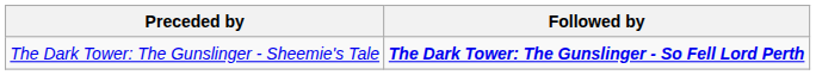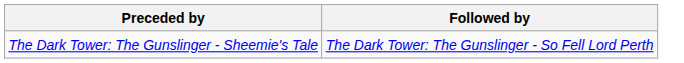 <table class="wikitable">
 <tr>
 <th><small><strong>Preceded by</strong></small></th>
 <th><small><strong>Followed by</strong></small></th>
 </tr>
 <tr>
 <td><small><em><a href='#'>The Dark Tower: The Gunslinger - Sheemie's Tale</a></em></small></td>
-<td><strong><small><em><a href='#'>The Dark Tower: The Gunslinger - So Fell Lord Perth</a></em></small></strong></td>
+<td><small><em><a href='#'>The Dark Tower: The Gunslinger - So Fell Lord Perth</a></em></small></td>
 </tr>
 </table>
